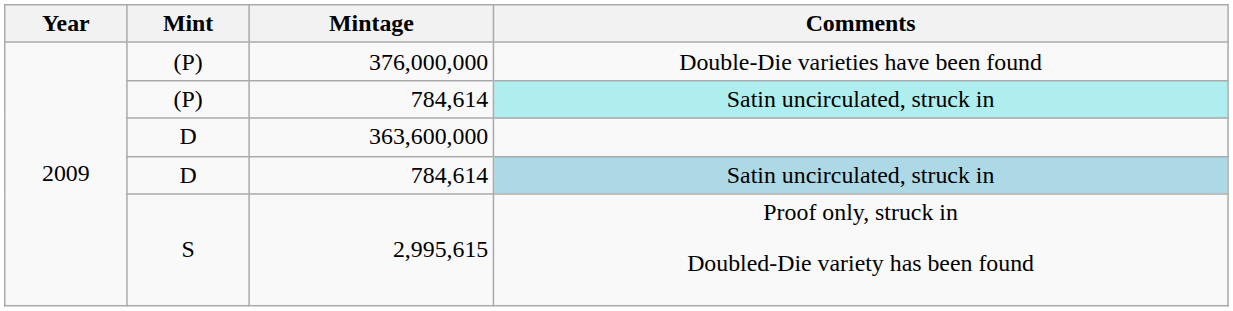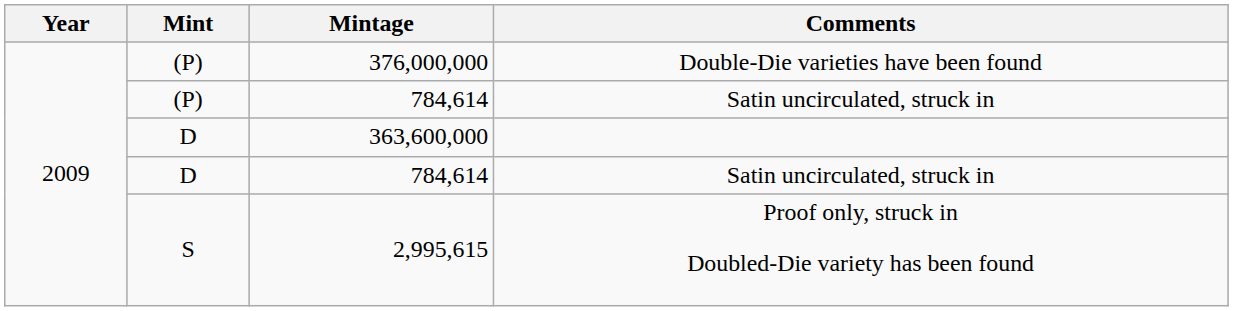 <table class="wikitable sortable" style="min-width:65%; text-align:center;">
 <tr>
 <th width="10%">Year</th>
 <th width="10%">Mint</th>
 <th width="20%">Mintage</th>
 <th width="60%">Comments</th>
 </tr>
 <tr>
 <td rowspan="5">2009</td>
 <td>(P)</td>
 <td align="right">376,000,000</td>
 <td>Double-Die varieties have been found</td>
 </tr>
 <tr>
 <td>(P)</td>
 <td align="right">784,614</td>
-<td style="background: paleturquoise;">Satin uncirculated, struck in </td>
+<td>Satin uncirculated, struck in </td>
 </tr>
 <tr>
 <td>D</td>
 <td align="right">363,600,000</td>
 <td></td>
 </tr>
 <tr>
 <td>D</td>
 <td align="right">784,614</td>
-<td style="background: lightblue;">Satin uncirculated, struck in </td>
+<td>Satin uncirculated, struck in </td>
 </tr>
 <tr>
 <td>S</td>
 <td align="right">2,995,615</td>
 <td>Proof only, struck in <br><p>Doubled-Die variety has been found</p></td>
 </tr>
 </table>
